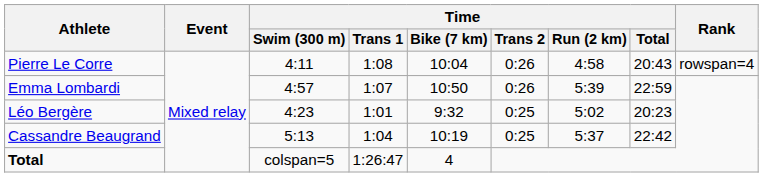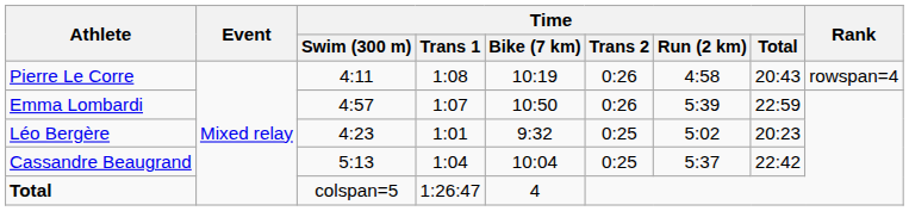 <table class="wikitable" style="font-size:90%;text-align:center;">
 <tr>
 <th rowspan=2>Athlete</th>
 <th rowspan=2>Event</th>
 <th colspan=6>Time</th>
 <th rowspan=2>Rank</th>
 </tr>
 <tr style="font-size:95%">
 <th>Swim (300 m)</th>
 <th>Trans 1</th>
 <th>Bike (7 km)</th>
 <th>Trans 2</th>
 <th>Run (2 km)</th>
 <th>Total</th>
 </tr>
 <tr>
 <td align=left><a href='#'>Pierre Le Corre</a></td>
 <td align=left rowspan=5><a href='#'>Mixed relay</a></td>
 <td>4:11</td>
 <td>1:08</td>
-<td>10:04</td>
+<td>10:19</td>
 <td>0:26</td>
 <td>4:58</td>
 <td>20:43</td>
 <td>rowspan=4 </td>
 </tr>
 <tr>
 <td align=left><a href='#'>Emma Lombardi</a></td>
 <td>4:57</td>
 <td>1:07</td>
 <td>10:50</td>
 <td>0:26</td>
 <td>5:39</td>
 <td>22:59</td>
 </tr>
 <tr>
 <td align=left><a href='#'>Léo Bergère</a></td>
 <td>4:23</td>
 <td>1:01</td>
 <td>9:32</td>
 <td>0:25</td>
 <td>5:02</td>
 <td>20:23</td>
 </tr>
 <tr>
 <td align=left><a href='#'>Cassandre Beaugrand</a></td>
 <td>5:13</td>
 <td>1:04</td>
-<td>10:19</td>
+<td>10:04</td>
 <td>0:25</td>
 <td>5:37</td>
 <td>22:42</td>
 </tr>
 <tr align=center>
 <td align=left><strong>Total</strong></td>
 <td>colspan=5 </td>
 <td>1:26:47</td>
 <td>4</td>
 </tr>
 </table>
